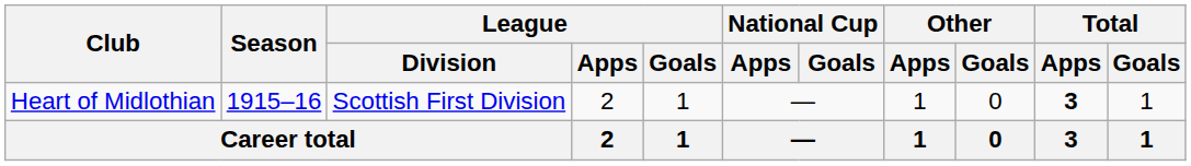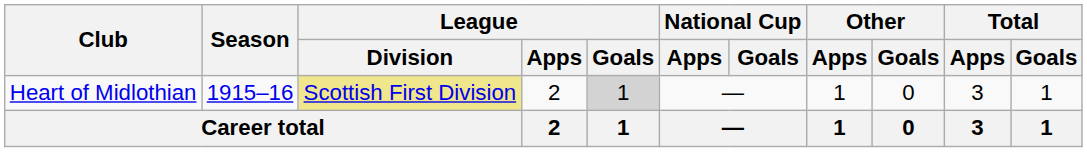 <table class="wikitable" style="text-align: center;">
 <tr>
 <th rowspan="2">Club</th>
 <th rowspan="2">Season</th>
 <th colspan="3">League</th>
 <th colspan="2">National Cup</th>
 <th colspan="2">Other</th>
 <th colspan="2">Total</th>
 </tr>
 <tr>
 <th>Division</th>
 <th>Apps</th>
 <th>Goals</th>
 <th>Apps</th>
 <th>Goals</th>
 <th>Apps</th>
 <th>Goals</th>
 <th>Apps</th>
 <th>Goals</th>
 </tr>
 <tr>
 <td><a href='#'>Heart of Midlothian</a></td>
 <td><a href='#'>1915–16</a></td>
-<td><a href='#'>Scottish First Division</a></td>
+<td style="background: khaki;"><a href='#'>Scottish First Division</a></td>
 <td>2</td>
-<td>1</td>
+<td style="background: lightgrey;">1</td>
 <td colspan="2">—</td>
 <td>1</td>
 <td>0</td>
-<td><strong>3</strong></td>
+<td>3</td>
 <td>1</td>
 </tr>
 <tr>
 <th colspan="3">Career total</th>
 <th>2</th>
 <th>1</th>
 <th colspan="2">—</th>
 <th>1</th>
 <th>0</th>
 <th>3</th>
 <th>1</th>
 </tr>
 </table>
